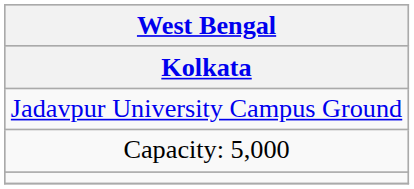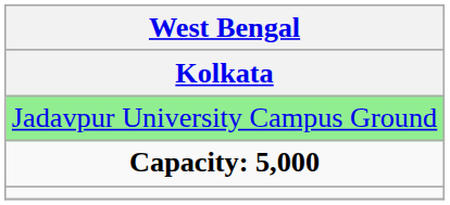 <table class="wikitable" style="text-align:center">
 <tr>
 <th colspan="3"><a href='#'>West Bengal</a></th>
 </tr>
 <tr>
 <th><a href='#'>Kolkata</a></th>
 </tr>
 <tr>
-<td><a href='#'>Jadavpur University Campus Ground</a></td>
+<td style="background: lightgreen;"><a href='#'>Jadavpur University Campus Ground</a></td>
 </tr>
 <tr>
-<td>Capacity: 5,000</td>
+<td><strong>Capacity: 5,000</strong></td>
 </tr>
 <tr>
 <td></td>
 </tr>
 <tr>
 </tr>
 </table>
